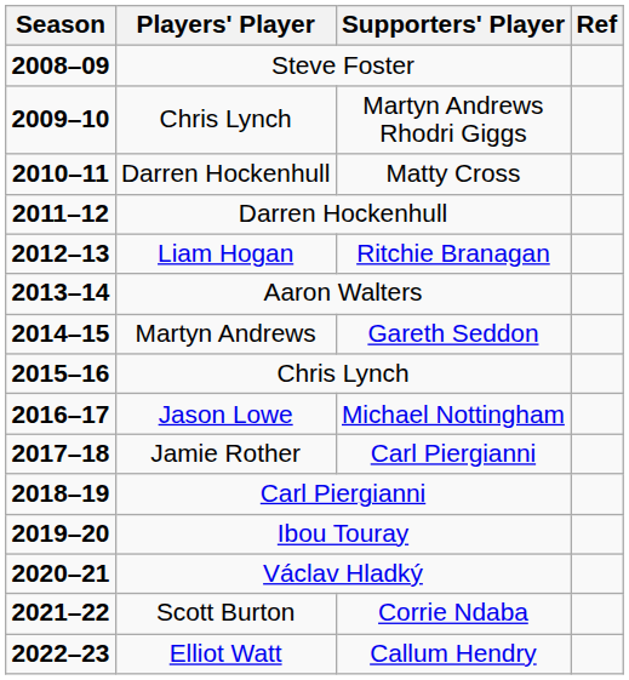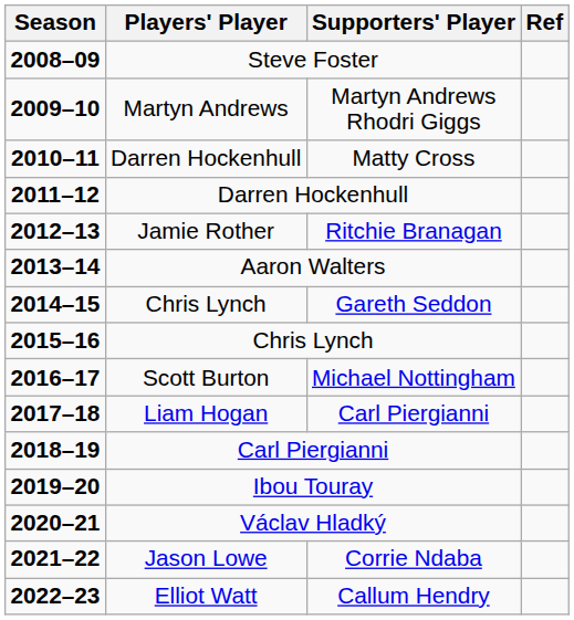 <table class="wikitable" style="text-align:center">
 <tr>
 <th><strong>Season</strong></th>
 <th>Players' Player</th>
 <th>Supporters' Player</th>
 <th>Ref</th>
 </tr>
 <tr>
 <td><strong>2008–09</strong></td>
 <td colspan="2"> Steve Foster</td>
 <td></td>
 </tr>
 <tr>
 <td><strong>2009–10</strong></td>
-<td> Chris Lynch</td>
+<td> Martyn Andrews</td>
 <td> Martyn Andrews<br> Rhodri Giggs</td>
 <td></td>
 </tr>
 <tr>
 <td><strong>2010–11</strong></td>
 <td> Darren Hockenhull</td>
 <td> Matty Cross</td>
 <td></td>
 </tr>
 <tr>
 <td><strong>2011–12</strong></td>
 <td colspan="2"> Darren Hockenhull</td>
 <td></td>
 </tr>
 <tr>
 <td><strong>2012–13</strong></td>
-<td> <a href='#'>Liam Hogan</a></td>
+<td> Jamie Rother</td>
 <td> <a href='#'>Ritchie Branagan</a></td>
 <td></td>
 </tr>
 <tr>
 <td><strong>2013–14</strong></td>
 <td colspan="2"> Aaron Walters</td>
 <td></td>
 </tr>
 <tr>
 <td><strong>2014–15</strong></td>
-<td> Martyn Andrews</td>
+<td> Chris Lynch</td>
 <td> <a href='#'>Gareth Seddon</a></td>
 <td></td>
 </tr>
 <tr>
 <td><strong>2015–16</strong></td>
 <td colspan="2"> Chris Lynch</td>
 <td></td>
 </tr>
 <tr>
 <td><strong>2016–17</strong></td>
-<td> <a href='#'>Jason Lowe</a></td>
+<td> Scott Burton</td>
 <td> <a href='#'>Michael Nottingham</a></td>
 <td></td>
 </tr>
 <tr>
 <td><strong>2017–18</strong></td>
-<td> Jamie Rother</td>
+<td> <a href='#'>Liam Hogan</a></td>
 <td> <a href='#'>Carl Piergianni</a></td>
 <td></td>
 </tr>
 <tr>
 <td><strong>2018–19</strong></td>
 <td colspan="2"> <a href='#'>Carl Piergianni</a></td>
 <td></td>
 </tr>
 <tr>
 <td><strong>2019–20</strong></td>
 <td colspan="2"> <a href='#'>Ibou Touray</a></td>
 <td></td>
 </tr>
 <tr>
 <td><strong>2020–21</strong></td>
 <td colspan="2"> <a href='#'>Václav Hladký</a></td>
 <td></td>
 </tr>
 <tr>
 <td><strong>2021–22</strong></td>
-<td> Scott Burton</td>
+<td> <a href='#'>Jason Lowe</a></td>
 <td> <a href='#'>Corrie Ndaba</a></td>
 <td></td>
 </tr>
 <tr>
 <td><strong>2022–23</strong></td>
 <td> <a href='#'>Elliot Watt</a></td>
 <td> <a href='#'>Callum Hendry</a></td>
 <td></td>
 </tr>
 </table>
